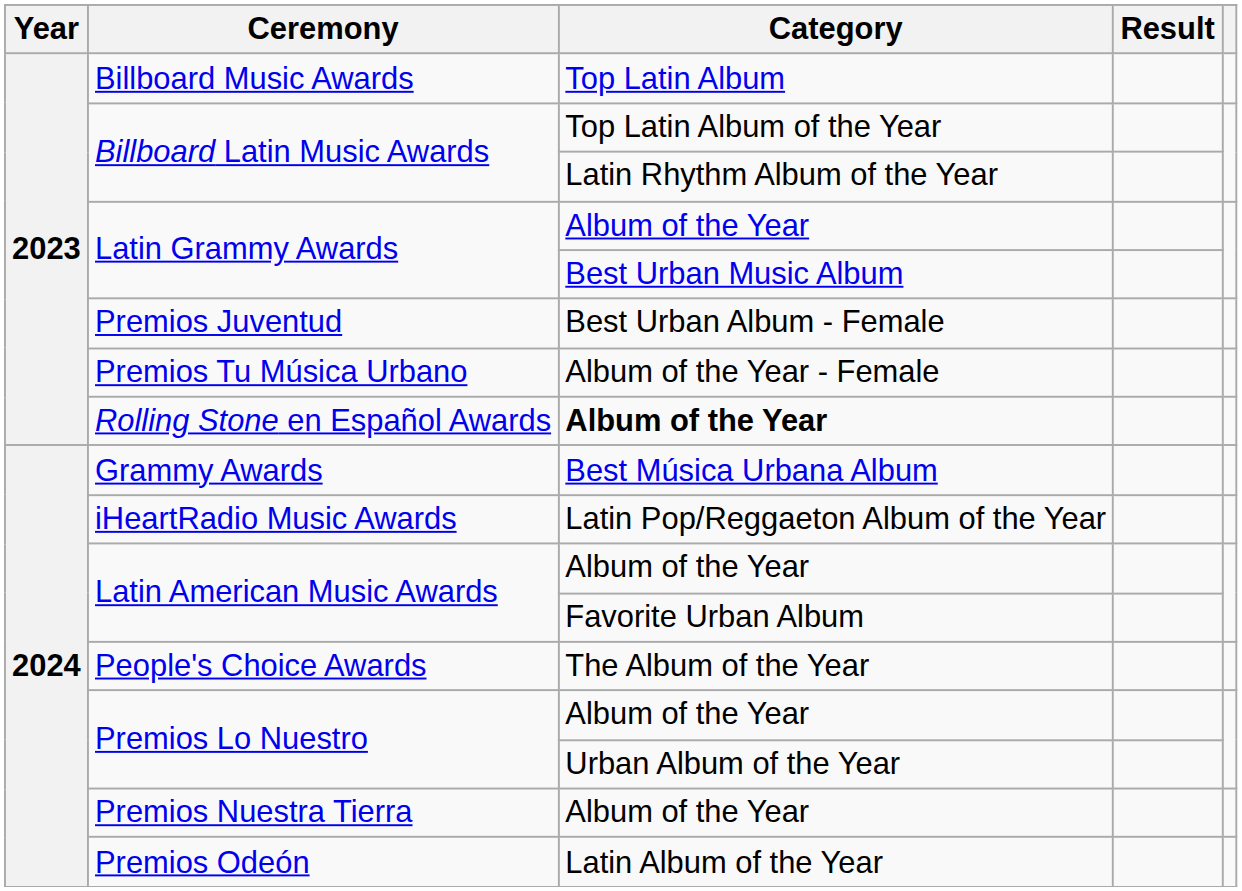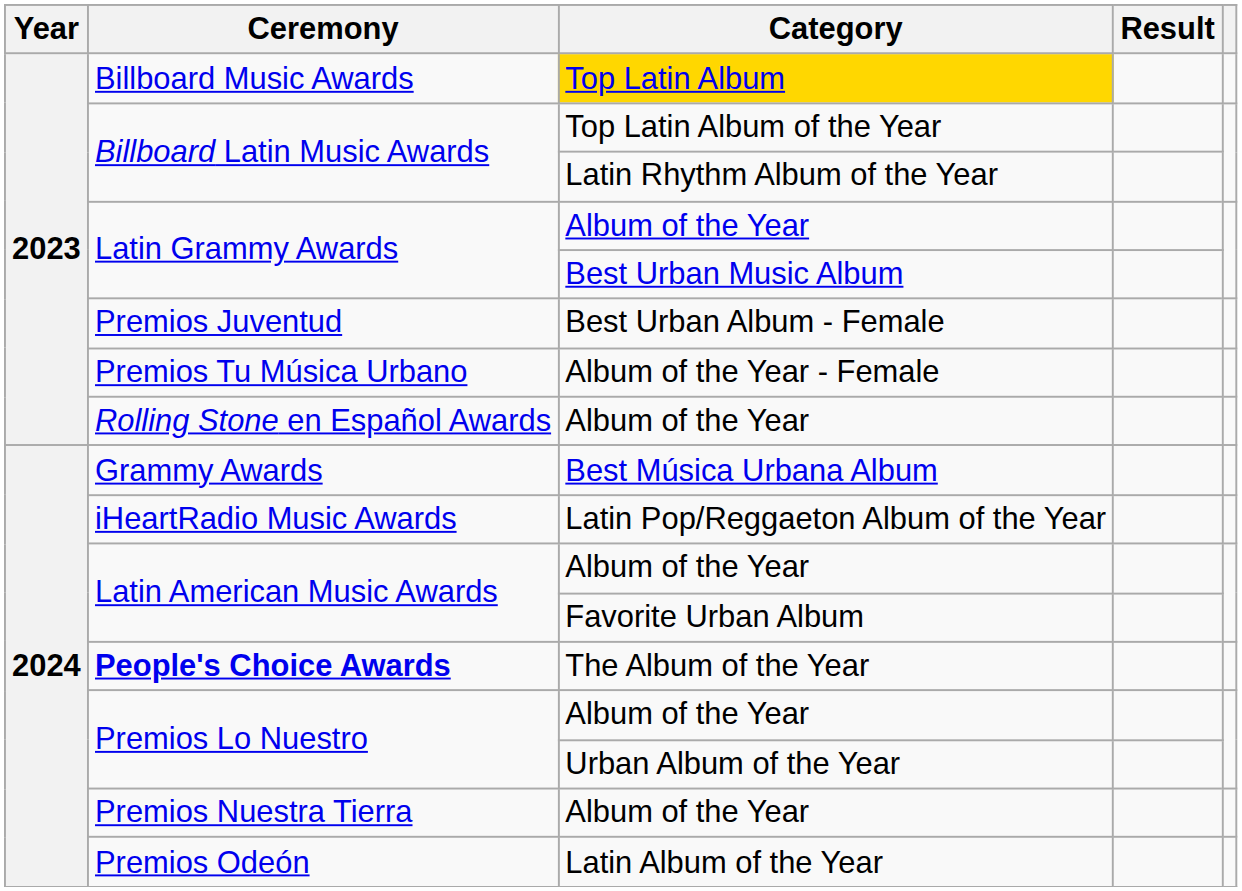 <table class="wikitable plainrowheaders">
 <tr>
 <th scope="col">Year</th>
 <th scope="col">Ceremony</th>
 <th scope="col">Category</th>
 <th scope="col">Result</th>
 <th></th>
 </tr>
 <tr>
 <th rowspan="8" scope="row">2023</th>
 <td><a href='#'>Billboard Music Awards</a></td>
-<td><a href='#'>Top Latin Album</a></td>
+<td style="background: gold;"><a href='#'>Top Latin Album</a></td>
 <td></td>
 <td></td>
 </tr>
 <tr>
 <td rowspan="2" scope="row"><a href='#'><em>Billboard</em> Latin Music Awards</a></td>
 <td>Top Latin Album of the Year</td>
 <td></td>
 <td rowspan="2" style="text-align:center;"></td>
 </tr>
 <tr>
 <td>Latin Rhythm Album of the Year</td>
 <td></td>
 </tr>
 <tr>
 <td rowspan="2"><a href='#'>Latin Grammy Awards</a></td>
 <td><a href='#'>Album of the Year</a></td>
 <td></td>
 <td rowspan="2" style="text-align:center;"></td>
 </tr>
 <tr>
 <td><a href='#'>Best Urban Music Album</a></td>
 <td></td>
 </tr>
 <tr>
 <td><a href='#'>Premios Juventud</a></td>
 <td>Best Urban Album - Female</td>
 <td></td>
 <td style="text-align:center;"></td>
 </tr>
 <tr>
 <td><a href='#'>Premios Tu Música Urbano</a></td>
 <td>Album of the Year - Female</td>
 <td></td>
 <td style="text-align:center;"></td>
 </tr>
 <tr>
 <td><a href='#'><em>Rolling Stone</em> en Español Awards</a></td>
-<td><strong>Album of the Year</strong></td>
+<td>Album of the Year</td>
 <td></td>
 <td style="text-align:center;"></td>
 </tr>
 <tr>
 <th rowspan="9" scope="row">2024</th>
 <td><a href='#'>Grammy Awards</a></td>
 <td><a href='#'>Best Música Urbana Album</a></td>
 <td></td>
 <td rowspan="1" style="text-align:center;"></td>
 </tr>
 <tr>
 <td><a href='#'>iHeartRadio Music Awards</a></td>
 <td>Latin Pop/Reggaeton Album of the Year</td>
 <td></td>
 <td rowspan="1" style="text-align:center;"></td>
 </tr>
 <tr>
 <td rowspan="2"><a href='#'>Latin American Music Awards</a></td>
 <td>Album of the Year</td>
 <td></td>
 <td rowspan="2" style="text-align:center;"></td>
 </tr>
 <tr>
 <td>Favorite Urban Album</td>
 <td></td>
 </tr>
 <tr>
-<td><a href='#'>People's Choice Awards</a></td>
+<td><strong><a href='#'>People's Choice Awards</a></strong></td>
 <td>The Album of the Year</td>
 <td></td>
 <td rowspan="1" style="text-align:center;"></td>
 </tr>
 <tr>
 <td rowspan="2"><a href='#'>Premios Lo Nuestro</a></td>
 <td>Album of the Year</td>
 <td></td>
 <td rowspan="2" style="text-align:center;"></td>
 </tr>
 <tr>
 <td>Urban Album of the Year</td>
 <td></td>
 </tr>
 <tr>
 <td><a href='#'>Premios Nuestra Tierra</a></td>
 <td>Album of the Year</td>
 <td></td>
 <td style="text-align:center;"></td>
 </tr>
 <tr>
 <td><a href='#'>Premios Odeón</a></td>
 <td>Latin Album of the Year</td>
 <td></td>
 <td style="text-align:center;"></td>
 </tr>
 </table>
